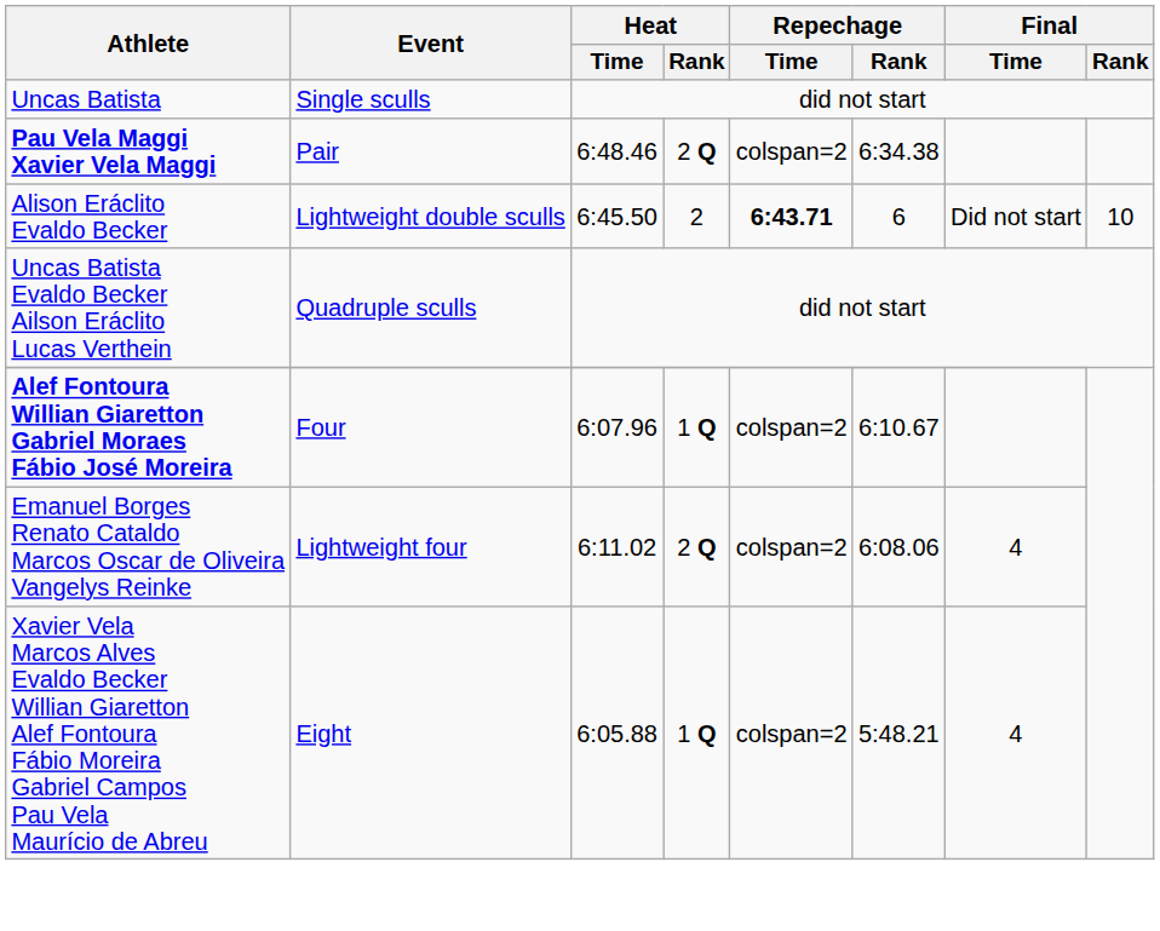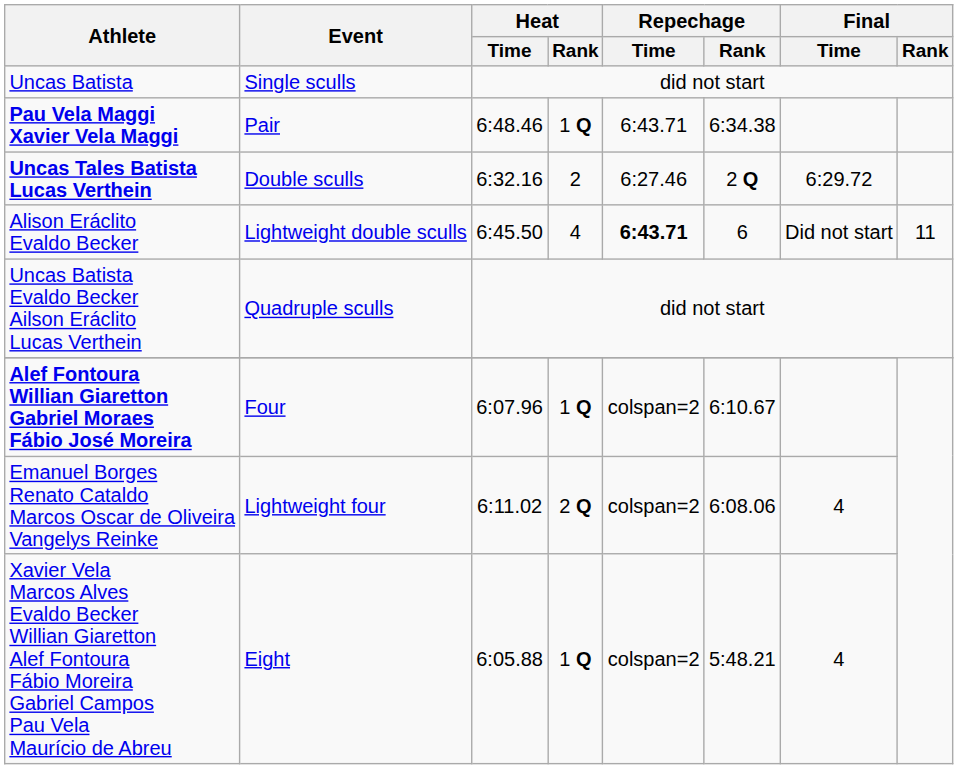 <table class=wikitable style=font-size:90%;text-align:center>
 <tr>
 <th rowspan=2>Athlete</th>
 <th rowspan=2>Event</th>
 <th colspan=2>Heat</th>
 <th colspan=2>Repechage</th>
 <th colspan=2>Final</th>
 </tr>
 <tr style=font-size:95%>
 <th>Time</th>
 <th>Rank</th>
 <th>Time</th>
 <th>Rank</th>
 <th>Time</th>
 <th>Rank</th>
 </tr>
 <tr>
 <td align=left><a href='#'>Uncas Batista</a></td>
 <td align=left><a href='#'>Single sculls</a></td>
 <td colspan=6>did not start</td>
 </tr>
 <tr>
 <td align=left><strong><a href='#'>Pau Vela Maggi</a></strong><br><strong><a href='#'>Xavier Vela Maggi</a></strong></td>
 <td align=left><a href='#'>Pair</a></td>
 <td>6:48.46</td>
+<td>1 <strong>Q</strong></td>
+<td>6:43.71</td>
+<td>6:34.38</td>
+<td></td>
+</tr>
+<tr>
+<td align=left><strong><a href='#'>Uncas Tales Batista</a></strong><br><strong><a href='#'>Lucas Verthein</a></strong></td>
+<td align=left><a href='#'>Double sculls</a></td>
+<td>6:32.16</td>
+<td>2</td>
+<td>6:27.46</td>
 <td>2 <strong>Q</strong></td>
-<td>colspan=2 </td>
-<td>6:34.38</td>
+<td>6:29.72</td>
 <td></td>
 </tr>
 <tr>
 <td align=left><a href='#'>Alison Eráclito</a><br><a href='#'>Evaldo Becker</a></td>
 <td align=left><a href='#'>Lightweight double sculls</a></td>
 <td>6:45.50</td>
-<td>2</td>
+<td>4</td>
 <td><strong>6:43.71</strong></td>
 <td>6</td>
 <td>Did not start</td>
-<td>10</td>
+<td>11</td>
 </tr>
 <tr>
 <td align=left><a href='#'>Uncas Batista</a><br><a href='#'>Evaldo Becker</a><br><a href='#'>Ailson Eráclito</a><br><a href='#'>Lucas Verthein</a></td>
 <td align=left><a href='#'>Quadruple sculls</a></td>
 <td colspan=6>did not start</td>
 </tr>
 <tr>
 </tr>
 <tr>
 <td align=left><strong><a href='#'>Alef Fontoura</a></strong><br><strong><a href='#'>Willian Giaretton</a></strong><br><strong><a href='#'>Gabriel Moraes</a></strong><br><strong><a href='#'>Fábio José Moreira</a></strong></td>
 <td align=left><a href='#'>Four</a></td>
 <td>6:07.96</td>
 <td>1 <strong>Q</strong></td>
 <td>colspan=2 </td>
 <td>6:10.67</td>
 <td></td>
 </tr>
 <tr>
 <td align=left><a href='#'>Emanuel Borges</a><br><a href='#'>Renato Cataldo</a><br><a href='#'>Marcos Oscar de Oliveira</a><br><a href='#'>Vangelys Reinke</a></td>
 <td align=left><a href='#'>Lightweight four</a></td>
 <td>6:11.02</td>
 <td>2 <strong>Q</strong></td>
 <td>colspan=2 </td>
 <td>6:08.06</td>
 <td>4</td>
 </tr>
 <tr>
 <td align=left><a href='#'>Xavier Vela</a><br><a href='#'>Marcos Alves</a><br><a href='#'>Evaldo Becker</a><br><a href='#'>Willian Giaretton</a><br><a href='#'>Alef Fontoura</a><br><a href='#'>Fábio Moreira</a><br><a href='#'>Gabriel Campos</a><br><a href='#'>Pau Vela</a><br><a href='#'>Maurício de Abreu</a></td>
 <td align=left><a href='#'>Eight</a></td>
 <td>6:05.88</td>
 <td>1 <strong>Q</strong></td>
 <td>colspan=2 </td>
 <td>5:48.21</td>
 <td>4</td>
 </tr>
 </table>
